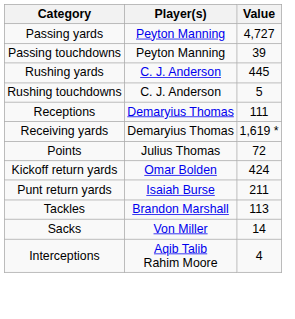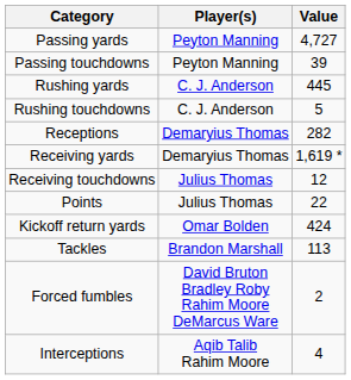 <table class="wikitable" style="text-align:center">
 <tr>
 <th>Category</th>
 <th>Player(s)</th>
 <th>Value</th>
 </tr>
 <tr>
 <td>Passing yards</td>
 <td><a href='#'>Peyton Manning</a></td>
 <td>4,727</td>
 </tr>
 <tr>
 <td>Passing touchdowns</td>
 <td>Peyton Manning</td>
 <td>39</td>
 </tr>
 <tr>
 <td>Rushing yards</td>
 <td><a href='#'>C. J. Anderson</a></td>
 <td>445</td>
 </tr>
 <tr>
 <td>Rushing touchdowns</td>
 <td>C. J. Anderson</td>
 <td>5</td>
 </tr>
 <tr>
 <td>Receptions</td>
 <td><a href='#'>Demaryius Thomas</a></td>
-<td>111</td>
+<td>282</td>
 </tr>
 <tr>
 <td>Receiving yards</td>
 <td>Demaryius Thomas</td>
 <td>1,619 *</td>
 </tr>
 <tr>
+<td>Receiving touchdowns</td>
+<td><a href='#'>Julius Thomas</a></td>
+<td>12</td>
+</tr>
+<tr>
 <td>Points</td>
 <td>Julius Thomas</td>
-<td>72</td>
+<td>22</td>
 </tr>
 <tr>
 <td>Kickoff return yards</td>
 <td><a href='#'>Omar Bolden</a></td>
 <td>424</td>
 </tr>
 <tr>
-<td>Punt return yards</td>
-<td><a href='#'>Isaiah Burse</a></td>
-<td>211</td>
-</tr>
-<tr>
 <td>Tackles</td>
 <td><a href='#'>Brandon Marshall</a></td>
 <td>113</td>
 </tr>
 <tr>
-<td>Sacks</td>
-<td><a href='#'>Von Miller</a></td>
-<td>14</td>
+<td>Forced fumbles</td>
+<td><a href='#'>David Bruton</a><br><a href='#'>Bradley Roby</a><br><a href='#'>Rahim Moore</a><br><a href='#'>DeMarcus Ware</a></td>
+<td>2</td>
 </tr>
 <tr>
 <td>Interceptions</td>
 <td><a href='#'>Aqib Talib</a><br>Rahim Moore</td>
 <td>4</td>
 </tr>
 </table>
